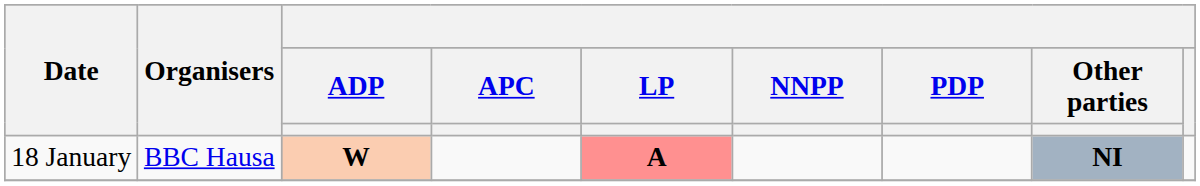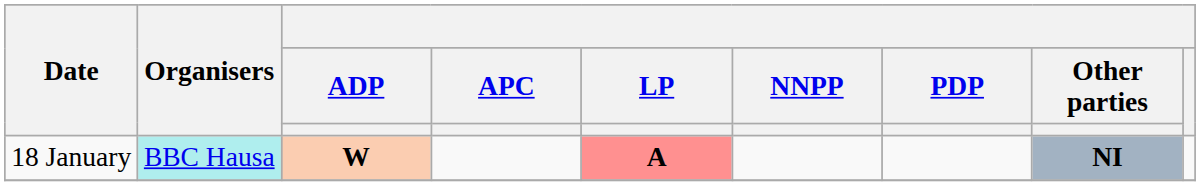 <table class="wikitable" style="text-align:center;">
 <tr>
 <th rowspan="3">Date</th>
 <th rowspan="3">Organisers</th>
 <th colspan="7">    <br>     </th>
 </tr>
 <tr>
 <th scope="col" style="width:5em;"><a href='#'>ADP</a></th>
 <th scope="col" style="width:5em;"><a href='#'>APC</a></th>
 <th scope="col" style="width:5em;"><a href='#'>LP</a></th>
 <th scope="col" style="width:5em;"><a href='#'>NNPP</a></th>
 <th scope="col" style="width:5em;"><a href='#'>PDP</a></th>
 <th scope="col" style="width:5em;">Other parties</th>
 <th rowspan="2"></th>
 </tr>
 <tr>
 <th style="background:"></th>
 <th style="background:"></th>
 <th style="background:"></th>
 <th style="background:"></th>
 <th style="background:"></th>
 <th style="background:"></th>
 </tr>
 <tr>
 <td style="white-space:nowrap; text-align:left;">18 January</td>
-<td style="white-space:nowrap; text-align:left;"><a href='#'>BBC Hausa</a></td>
+<td style="background: paleturquoise; white-space:nowrap; text-align:left;"><a href='#'>BBC Hausa</a></td>
 <td style="background:#fbcdb1;"><strong>W</strong><br></td>
 <td></td>
 <td style="background:#FF9090;"><strong>A</strong><br></td>
 <td></td>
 <td></td>
 <td style="background:#A2B2C2;"><strong>NI</strong><br></td>
 <td></td>
 </tr>
 <tr>
 </tr>
 </table>
